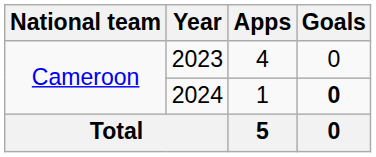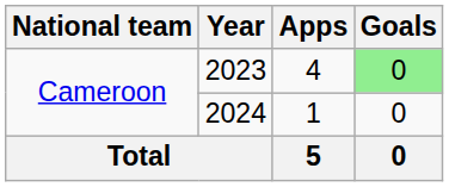 <table class="wikitable" style="text-align: center;">
 <tr>
 <th>National team</th>
 <th>Year</th>
 <th>Apps</th>
 <th>Goals</th>
 </tr>
 <tr>
 <td rowspan="2" valign="center"><a href='#'>Cameroon</a></td>
 <td>2023</td>
 <td>4</td>
-<td>0</td>
+<td style="background: lightgreen;">0</td>
 </tr>
 <tr>
 <td>2024</td>
 <td>1</td>
-<td><strong>0</strong></td>
+<td>0</td>
 </tr>
 <tr>
 <th colspan="2">Total</th>
 <th>5</th>
 <th>0</th>
 </tr>
 </table>
